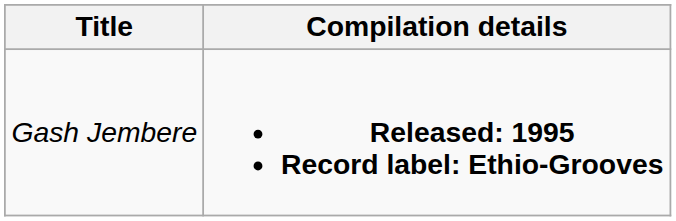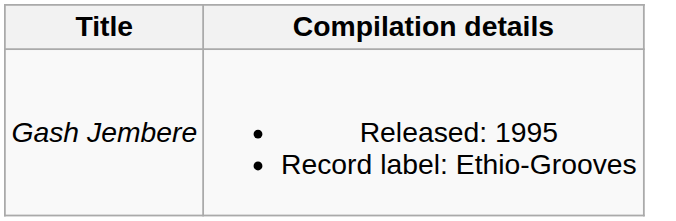 <table class="wikitable mw-collapsible plainrowheaders" style="text-align:center;">
 <tr>
 <th>Title</th>
 <th scope="col" style="padding:0 8px;">Compilation details</th>
 </tr>
 <tr>
 <td><em>Gash Jembere</em></td>
-<td><strong><br><ul><li>Released: 1995</li><li>Record label: Ethio-Grooves</li></ul></strong></td>
+<td><br><ul><li>Released: 1995</li><li>Record label: Ethio-Grooves</li></ul></td>
 </tr>
 </table>
